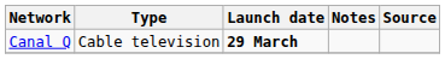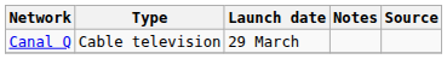 <table class="wikitable sortable">
 <tr>
 <th>Network</th>
 <th>Type</th>
 <th>Launch date</th>
 <th>Notes</th>
 <th>Source</th>
 </tr>
 <tr>
 <td><a href='#'>Canal Q</a></td>
 <td>Cable television</td>
-<td><strong>29 March</strong></td>
+<td>29 March</td>
 <td></td>
 <td></td>
 </tr>
 <tr>
 </tr>
 </table>
